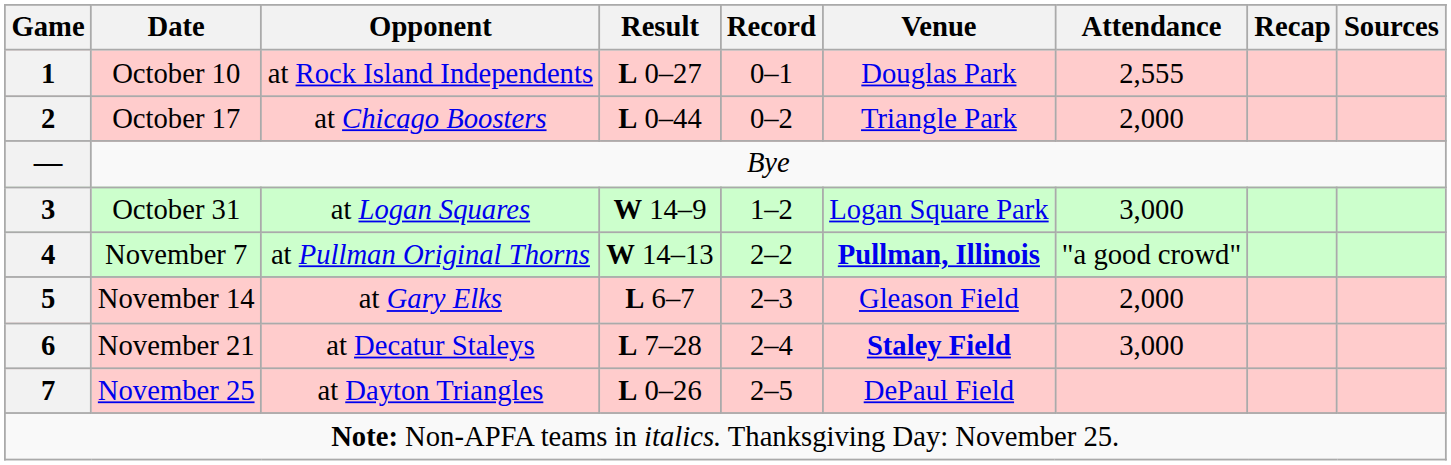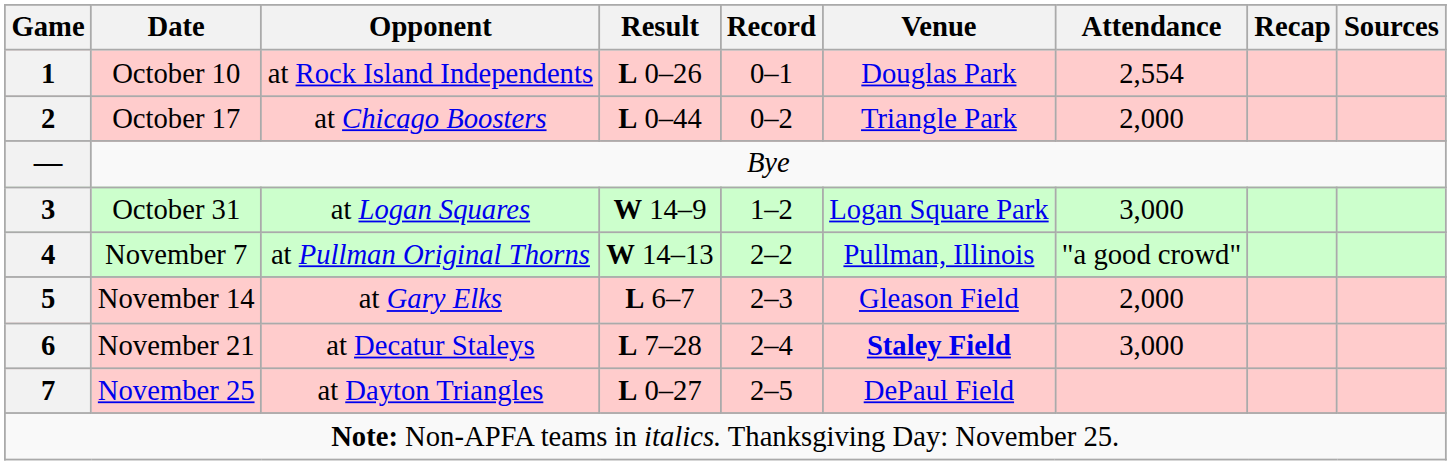 <table class="wikitable" style="text-align:center">
 <tr>
 <th>Game</th>
 <th>Date</th>
 <th>Opponent</th>
 <th>Result</th>
 <th>Record</th>
 <th>Venue</th>
 <th>Attendance</th>
 <th>Recap</th>
 <th>Sources</th>
 </tr>
 <tr style="background:#fcc">
 <th>1</th>
 <td>October 10</td>
 <td>at <a href='#'>Rock Island Independents</a></td>
-<td><strong>L</strong> 0–27</td>
+<td><strong>L</strong> 0–26</td>
 <td>0–1</td>
 <td><a href='#'>Douglas Park</a></td>
-<td>2,555</td>
+<td>2,554</td>
 <td></td>
 <td></td>
 </tr>
 <tr style="background:#fcc">
 <th>2</th>
 <td>October 17</td>
 <td>at <em><a href='#'>Chicago Boosters</a></em></td>
 <td><strong>L</strong> 0–44</td>
 <td>0–2</td>
 <td><a href='#'>Triangle Park</a></td>
 <td>2,000</td>
 <td></td>
 <td></td>
 </tr>
 <tr>
 <th>—</th>
 <td colspan="8"><em>Bye</em></td>
 </tr>
 <tr style="background:#cfc">
 <th>3</th>
 <td>October 31</td>
 <td>at <em><a href='#'>Logan Squares</a></em></td>
 <td><strong>W</strong> 14–9</td>
 <td>1–2</td>
 <td><a href='#'>Logan Square Park</a></td>
 <td>3,000</td>
 <td></td>
 <td></td>
 </tr>
 <tr style="background:#cfc">
 <th>4</th>
 <td>November 7</td>
 <td>at <em><a href='#'>Pullman Original Thorns</a></em></td>
 <td><strong>W</strong> 14–13</td>
 <td>2–2</td>
-<td><strong><a href='#'>Pullman, Illinois</a></strong></td>
+<td><a href='#'>Pullman, Illinois</a></td>
 <td>"a good crowd"</td>
 <td></td>
 <td></td>
 </tr>
 <tr style="background:#fcc">
 <th>5</th>
 <td>November 14</td>
 <td>at <em><a href='#'>Gary Elks</a></em></td>
 <td><strong>L</strong> 6–7</td>
 <td>2–3</td>
 <td><a href='#'>Gleason Field</a></td>
 <td>2,000</td>
 <td></td>
 <td></td>
 </tr>
 <tr style="background:#fcc">
 <th>6</th>
 <td>November 21</td>
 <td>at <a href='#'>Decatur Staleys</a></td>
 <td><strong>L</strong> 7–28</td>
 <td>2–4</td>
 <td><strong><a href='#'>Staley Field</a></strong></td>
 <td>3,000</td>
 <td></td>
 <td></td>
 </tr>
 <tr style="background:#fcc">
 <th>7</th>
 <td><a href='#'>November 25</a></td>
 <td>at <a href='#'>Dayton Triangles</a></td>
-<td><strong>L</strong> 0–26</td>
+<td><strong>L</strong> 0–27</td>
 <td>2–5</td>
 <td><a href='#'>DePaul Field</a></td>
 <td></td>
 <td></td>
 <td></td>
 </tr>
 <tr>
 <td colspan="10"><strong>Note:</strong> Non-APFA teams in <em>italics.</em> Thanksgiving Day: November 25.</td>
 </tr>
 </table>
